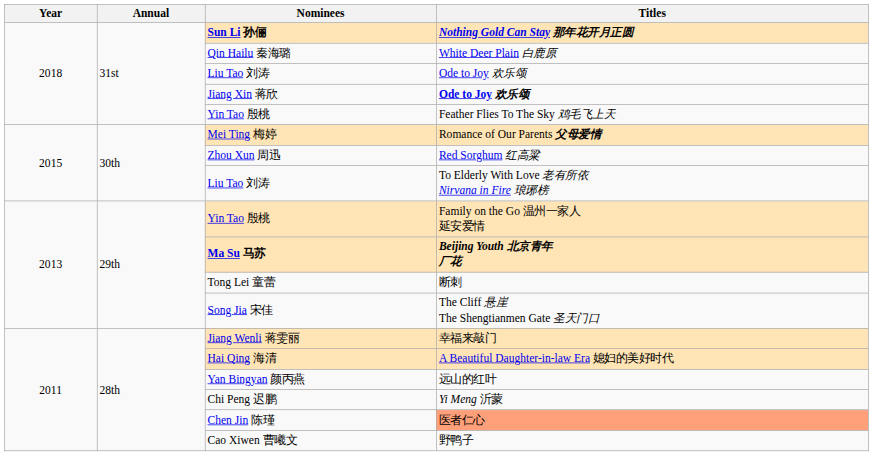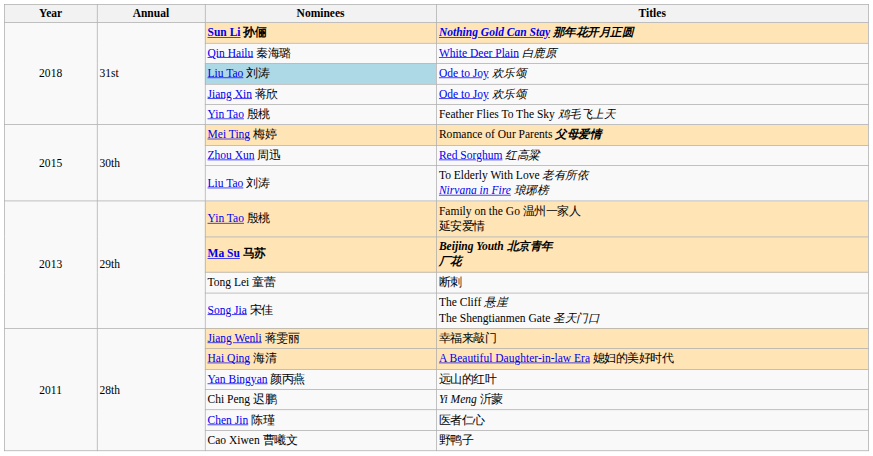 <table class="wikitable" width="95%" align="center">
 <tr>
 <th width="6%">Year</th>
 <th width="7%">Annual</th>
 <th width="15%">Nominees</th>
 <th width="28%">Titles</th>
 </tr>
 <tr>
 <td rowspan="5" style="text-align:center;">2018</td>
 <td rowspan="5">31st</td>
 <td style="background:#FFE4B5;"><strong><a href='#'>Sun Li</a> 孙俪</strong></td>
 <td style="background:#FFE4B5;"><strong><em><a href='#'>Nothing Gold Can Stay</a><em> 那年花开月正圆<strong></td>
 </tr>
 <tr>
 <td><a href='#'>Qin Hailu</a> 秦海璐</td>
 <td></em><a href='#'>White Deer Plain</a><em> 白鹿原</td>
 </tr>
 <tr>
-<td><a href='#'>Liu Tao</a> 刘涛</td>
+<td style="background: lightblue;"><a href='#'>Liu Tao</a> 刘涛</td>
 <td></em><a href='#'>Ode to Joy</a><em> 欢乐颂</td>
 </tr>
 <tr>
 <td><a href='#'>Jiang Xin</a> 蒋欣</td>
-<td><strong></em><a href='#'>Ode to Joy</a><em> 欢乐颂</strong></td>
+<td></em><a href='#'>Ode to Joy</a><em> 欢乐颂</td>
 </tr>
 <tr>
 <td><a href='#'>Yin Tao</a> 殷桃</td>
 <td></em>Feather Flies To The Sky<em> 鸡毛飞上天</td>
 </tr>
 <tr>
 <td rowspan="3" style="text-align:center;">2015</td>
 <td rowspan="3">30th</td>
 <td style="background:#FFE4B5;"></strong><a href='#'>Mei Ting</a> 梅婷<strong></td>
 <td style="background:#FFE4B5;"></em></strong>Romance of Our Parents<strong><em> 父母爱情</td>
 </tr>
 <tr>
 <td><a href='#'>Zhou Xun</a> 周迅</td>
 <td></em><a href='#'>Red Sorghum</a><em> 红高粱</td>
 </tr>
 <tr>
 <td><a href='#'>Liu Tao</a> 刘涛</td>
 <td></em>To Elderly With Love<em> 老有所依<br><a href='#'>Nirvana in Fire</a> 琅琊榜</td>
 </tr>
 <tr>
 <td rowspan="4" style="text-align:center;">2013</td>
 <td rowspan="4">29th</td>
 <td style="background:#FFE4B5;"></strong><a href='#'>Yin Tao</a> 殷桃<strong></td>
 <td style="background:#FFE4B5;"></em></strong>Family on the Go </em> 温州一家人<br>延安爱情</strong></td>
 </tr>
 <tr>
 <td style="background:#FFE4B5;"><strong><a href='#'>Ma Su</a> 马苏</strong></td>
 <td style="background:#FFE4B5;"><strong><em>Beijing Youth<em> 北京青年<br>厂花<strong></td>
 </tr>
 <tr>
 <td>Tong Lei 童蕾</td>
 <td>断刺</td>
 </tr>
 <tr>
 <td><a href='#'>Song Jia</a> 宋佳</td>
 <td></em>The Cliff<em> 悬崖<br></em>The Shengtianmen Gate<em> 圣天门口</td>
 </tr>
 <tr>
 <td rowspan="6" style="text-align:center;">2011</td>
 <td rowspan="6">28th</td>
 <td style="background:#FFE4B5;"></strong><a href='#'>Jiang Wenli</a> 蒋雯丽<strong></td>
 <td style="background:#FFE4B5;"></strong>幸福来敲门<strong></td>
 </tr>
 <tr>
 <td style="background:#FFE4B5;"></strong><a href='#'>Hai Qing</a> 海清<strong></td>
 <td style="background:#FFE4B5;"></em></strong><a href='#'>A Beautiful Daughter-in-law Era</a></em> 媳妇的美好时代</strong></td>
 </tr>
 <tr>
 <td><a href='#'>Yan Bingyan</a> 颜丙燕</td>
 <td>远山的红叶</td>
 </tr>
 <tr>
 <td>Chi Peng 迟鹏</td>
 <td><em>Yi Meng</em> 沂蒙</td>
 </tr>
 <tr>
 <td><a href='#'>Chen Jin</a> 陈瑾</td>
-<td style="background: lightsalmon;">医者仁心</td>
+<td>医者仁心</td>
 </tr>
 <tr>
 <td>Cao Xiwen 曹曦文</td>
 <td>野鸭子</td>
 </tr>
 </table>
